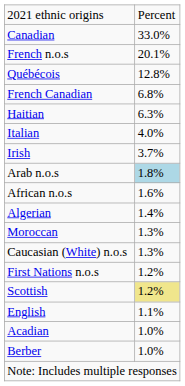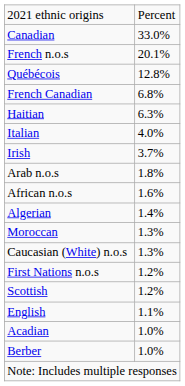 <table class="wikitable" align="left">
 <tr>
 <td>2021 ethnic origins</td>
 <td>Percent</td>
 </tr>
 <tr>
 <td><a href='#'>Canadian</a></td>
 <td>33.0%</td>
 </tr>
 <tr>
 <td><a href='#'>French</a> n.o.s</td>
 <td>20.1%</td>
 </tr>
 <tr>
 <td><a href='#'>Québécois</a></td>
 <td>12.8%</td>
 </tr>
 <tr>
 <td><a href='#'>French Canadian</a></td>
 <td>6.8%</td>
 </tr>
 <tr>
 <td><a href='#'>Haitian</a></td>
 <td>6.3%</td>
 </tr>
 <tr>
 <td><a href='#'>Italian</a></td>
 <td>4.0%</td>
 </tr>
 <tr>
 <td><a href='#'>Irish</a></td>
 <td>3.7%</td>
 </tr>
 <tr>
 <td>Arab n.o.s</td>
-<td style="background: lightblue;">1.8%</td>
+<td>1.8%</td>
 </tr>
 <tr>
 <td>African n.o.s</td>
 <td>1.6%</td>
 </tr>
 <tr>
 <td><a href='#'>Algerian</a></td>
 <td>1.4%</td>
 </tr>
 <tr>
 <td><a href='#'>Moroccan</a></td>
 <td>1.3%</td>
 </tr>
 <tr>
 <td>Caucasian (<a href='#'>White</a>) n.o.s</td>
 <td>1.3%</td>
 </tr>
 <tr>
 <td><a href='#'>First Nations</a> n.o.s</td>
 <td>1.2%</td>
 </tr>
 <tr>
 <td><a href='#'>Scottish</a></td>
-<td style="background: khaki;">1.2%</td>
+<td>1.2%</td>
 </tr>
 <tr>
 <td><a href='#'>English</a></td>
 <td>1.1%</td>
 </tr>
 <tr>
 <td><a href='#'>Acadian</a></td>
 <td>1.0%</td>
 </tr>
 <tr>
 <td><a href='#'>Berber</a></td>
 <td>1.0%</td>
 </tr>
 <tr>
 <td colspan="2">Note: Includes multiple responses</td>
 </tr>
 </table>
